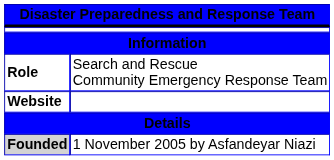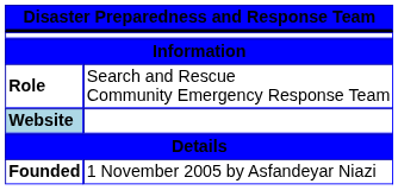 <table border="1" cellpadding="2" cellspacing="0" style="margin-left:1em; border:3px blue; " align="right">
 <tr>
 <th bgcolor="blue" colspan="3" align="center" style="border-bottom:3px solid"><span>Disaster Preparedness and Response Team</span></th>
 </tr>
 <tr>
 <td colspan="3" align="center"></td>
 </tr>
 <tr>
 <th bgcolor="blue" colspan="3"><span>Information</span></th>
 </tr>
 <tr>
 <td><strong>Role</strong></td>
 <td colspan="2">Search and Rescue<br> Community Emergency Response Team<br></td>
 </tr>
 <tr>
-<td><strong>Website</strong></td>
+<td style="background: lightblue;"><strong>Website</strong></td>
 <td colspan="3"> </td>
 </tr>
 <tr>
 </tr>
 <tr>
 </tr>
 <tr>
 <th bgcolor="blue" colspan="3"><span>Details</span></th>
 </tr>
 <tr>
-<td style="background: lightgrey;"><strong>Founded</strong></td>
+<td><strong>Founded</strong></td>
 <td colspan="2">1 November 2005 by Asfandeyar Niazi</td>
 </tr>
 <tr>
 </tr>
 <tr>
 </tr>
 </table>
